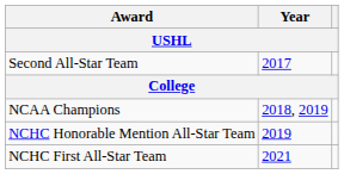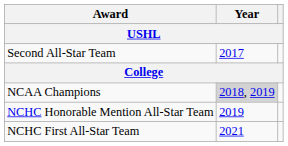 <table class="wikitable">
 <tr>
 <th>Award</th>
 <th>Year</th>
 <th></th>
 </tr>
 <tr ALIGN="center" bgcolor="#e0e0e0">
 <th colspan="3"><a href='#'>USHL</a></th>
 </tr>
 <tr>
 <td>Second All-Star Team</td>
 <td><a href='#'>2017</a></td>
 <td></td>
 </tr>
 <tr>
 <th colspan="3"><a href='#'>College</a></th>
 </tr>
 <tr>
 <td>NCAA Champions</td>
-<td><a href='#'>2018</a>, <a href='#'>2019</a></td>
+<td style="background: lightgrey;"><a href='#'>2018</a>, <a href='#'>2019</a></td>
 <td></td>
 </tr>
 <tr>
 <td><a href='#'>NCHC</a> Honorable Mention All-Star Team</td>
 <td><a href='#'>2019</a></td>
 <td></td>
 </tr>
 <tr>
 <td>NCHC First All-Star Team</td>
 <td><a href='#'>2021</a></td>
 <td></td>
 </tr>
 </table>
